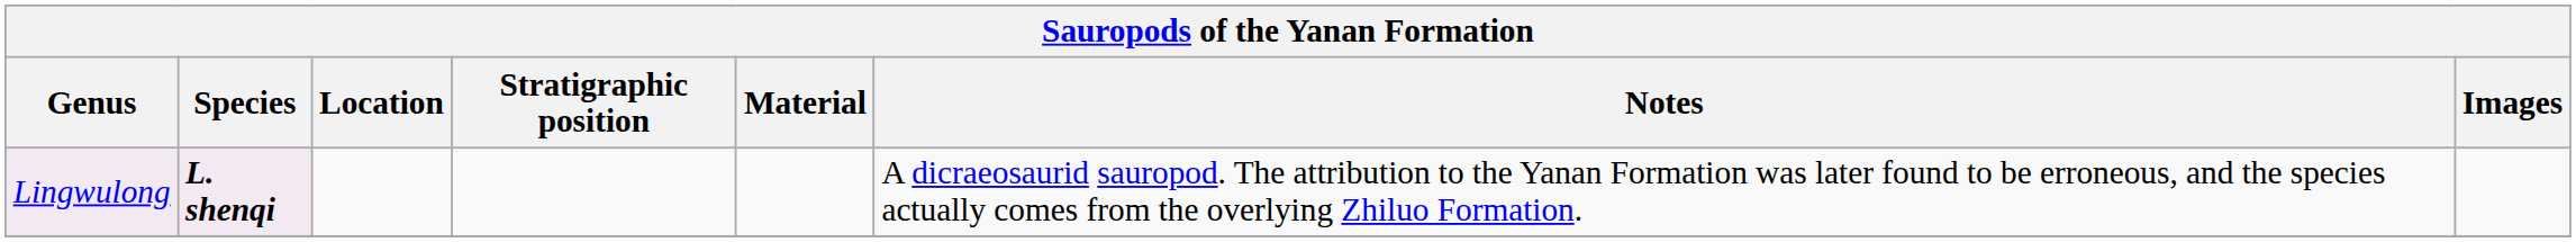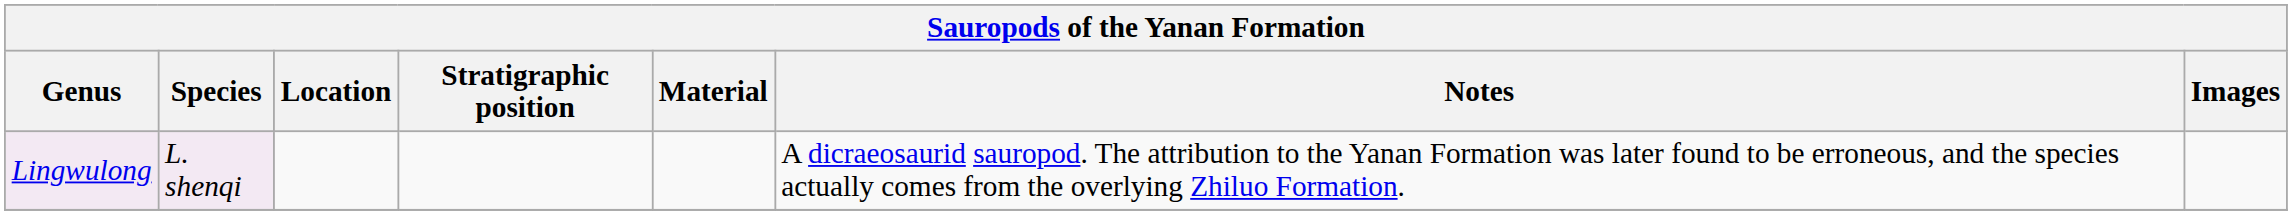 <table class="wikitable" align="center">
 <tr>
 <th colspan="7" align="center"><a href='#'>Sauropods</a> of the Yanan Formation</th>
 </tr>
 <tr>
 <th>Genus</th>
 <th>Species</th>
 <th>Location</th>
 <th>Stratigraphic position</th>
 <th>Material</th>
 <th>Notes</th>
 <th>Images</th>
 </tr>
 <tr>
 <td style="background:#f3e9f3;"><em><a href='#'>Lingwulong</a></em></td>
-<td style="background:#f3e9f3;"><strong><em>L. shenqi</em></strong></td>
+<td style="background:#f3e9f3;"><em>L. shenqi</em></td>
 <td></td>
 <td></td>
 <td></td>
 <td>A <a href='#'>dicraeosaurid</a> <a href='#'>sauropod</a>. The attribution to the Yanan Formation was later found to be erroneous, and the species actually comes from the overlying <a href='#'>Zhiluo Formation</a>.</td>
 <td></td>
 </tr>
 <tr>
 </tr>
 </table>
